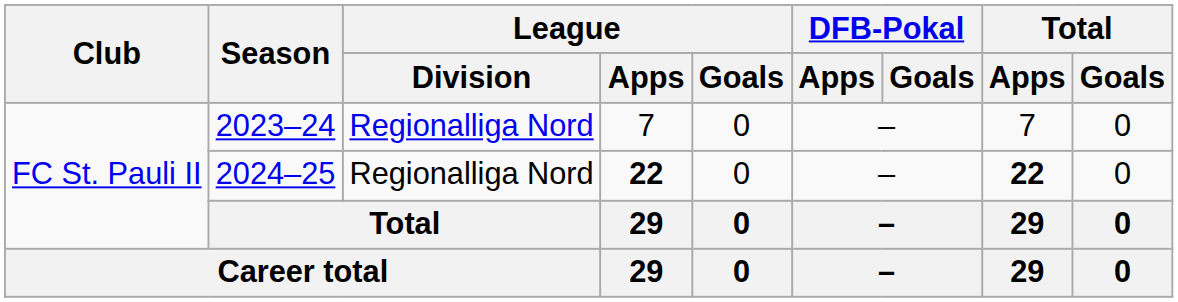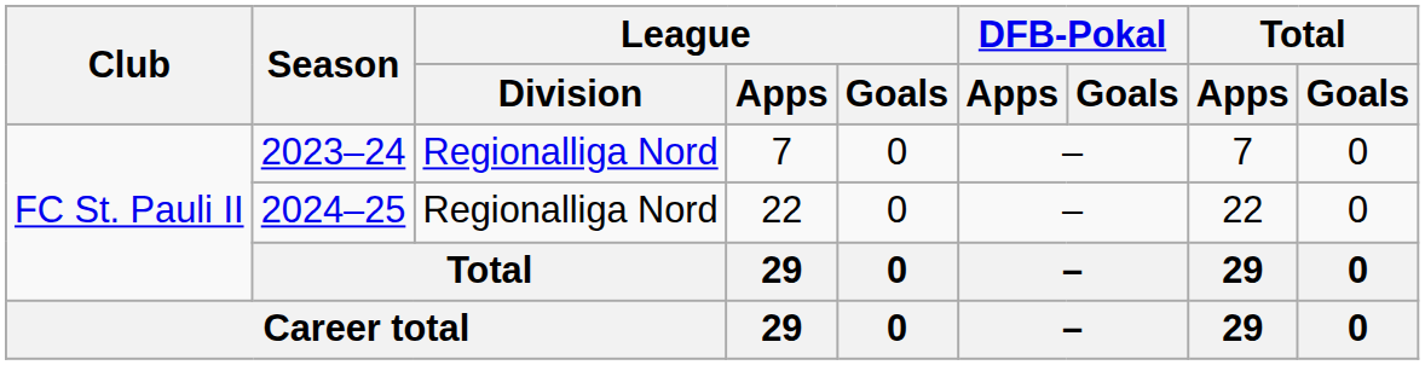 <table class=wikitable style=text-align:center>
 <tr>
 <th rowspan="2">Club</th>
 <th rowspan="2">Season</th>
 <th colspan="3">League</th>
 <th colspan="2"><a href='#'>DFB-Pokal</a></th>
 <th colspan="2">Total</th>
 </tr>
 <tr>
 <th>Division</th>
 <th>Apps</th>
 <th>Goals</th>
 <th>Apps</th>
 <th>Goals</th>
 <th>Apps</th>
 <th>Goals</th>
 </tr>
 <tr>
 <td rowspan="3"><a href='#'>FC St. Pauli II</a></td>
 <td><a href='#'>2023–24</a></td>
 <td><a href='#'>Regionalliga Nord</a></td>
 <td>7</td>
 <td>0</td>
 <td colspan="2">–</td>
 <td>7</td>
 <td>0</td>
 </tr>
 <tr>
 <td><a href='#'>2024–25</a></td>
 <td>Regionalliga Nord</td>
-<td><strong>22</strong></td>
+<td>22</td>
 <td>0</td>
 <td colspan="2">–</td>
-<td><strong>22</strong></td>
+<td>22</td>
 <td>0</td>
 </tr>
 <tr>
 <th colspan="2">Total</th>
 <th>29</th>
 <th>0</th>
 <th colspan="2">–</th>
 <th>29</th>
 <th>0</th>
 </tr>
 <tr>
 <th colspan="3">Career total</th>
 <th>29</th>
 <th>0</th>
 <th colspan="2">–</th>
 <th>29</th>
 <th>0</th>
 </tr>
 </table>
